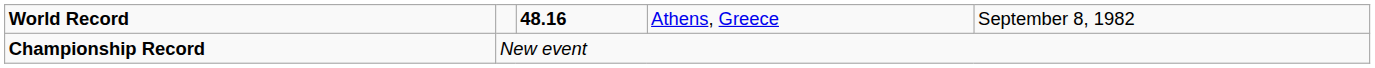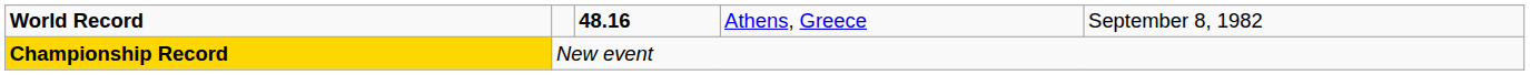 <table class="wikitable" width=75%>
 <tr>
 <td><strong>World Record</strong></td>
 <td></td>
 <td><strong>48.16</strong></td>
 <td><a href='#'>Athens</a>, <a href='#'>Greece</a></td>
 <td>September 8, 1982</td>
 </tr>
 <tr>
-<td><strong>Championship Record</strong></td>
+<td style="background: gold;"><strong>Championship Record</strong></td>
 <td colspan="4"><em>New event</em></td>
 </tr>
 </table>
